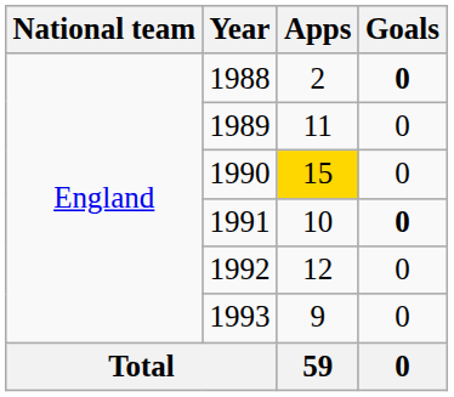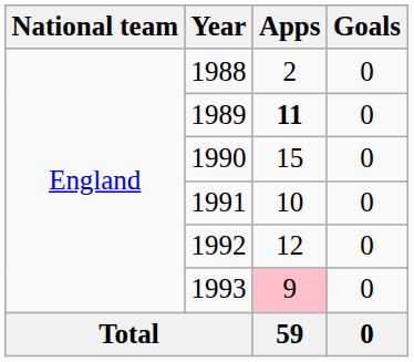 <table class="wikitable" style="text-align:center">
 <tr>
 <th>National team</th>
 <th>Year</th>
 <th>Apps</th>
 <th>Goals</th>
 </tr>
 <tr>
 <td rowspan="6"><a href='#'>England</a></td>
 <td>1988</td>
 <td>2</td>
-<td><strong>0</strong></td>
+<td>0</td>
 </tr>
 <tr>
 <td>1989</td>
-<td>11</td>
+<td><strong>11</strong></td>
 <td>0</td>
 </tr>
 <tr>
 <td>1990</td>
-<td style="background: gold;">15</td>
+<td>15</td>
 <td>0</td>
 </tr>
 <tr>
 <td>1991</td>
 <td>10</td>
-<td><strong>0</strong></td>
+<td>0</td>
 </tr>
 <tr>
 <td>1992</td>
 <td>12</td>
 <td>0</td>
 </tr>
 <tr>
 <td>1993</td>
-<td>9</td>
+<td style="background: pink;">9</td>
 <td>0</td>
 </tr>
 <tr>
 <th colspan="2">Total</th>
 <th>59</th>
 <th>0</th>
 </tr>
 </table>
